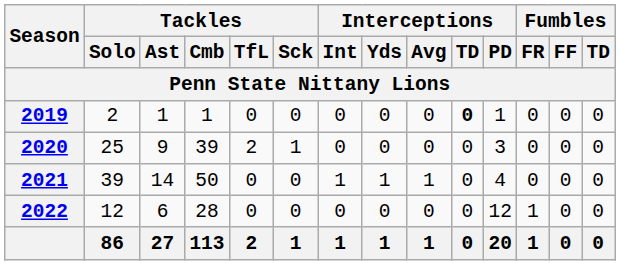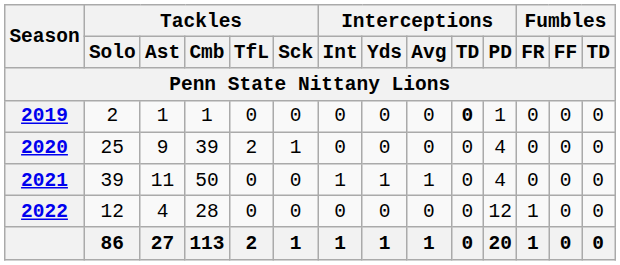 <table class="wikitable" style="text-align:center;">
 <tr>
 <th rowspan="2">Season</th>
 <th colspan="5">Tackles</th>
 <th colspan="5">Interceptions</th>
 <th colspan="3">Fumbles</th>
 </tr>
 <tr>
 <th>Solo</th>
 <th>Ast</th>
 <th>Cmb</th>
 <th>TfL</th>
 <th>Sck</th>
 <th>Int</th>
 <th>Yds</th>
 <th>Avg</th>
 <th>TD</th>
 <th>PD</th>
 <th>FR</th>
 <th>FF</th>
 <th>TD</th>
 </tr>
 <tr>
 <th colspan="16">Penn State Nittany Lions</th>
 </tr>
 <tr>
 <th><a href='#'>2019</a></th>
 <td>2</td>
 <td>1</td>
 <td>1</td>
 <td>0</td>
 <td>0</td>
 <td>0</td>
 <td>0</td>
 <td>0</td>
 <td><strong>0</strong></td>
 <td>1</td>
 <td>0</td>
 <td>0</td>
 <td>0</td>
 </tr>
 <tr>
 <th><a href='#'>2020</a></th>
 <td>25</td>
 <td>9</td>
 <td>39</td>
 <td>2</td>
 <td>1</td>
 <td>0</td>
 <td>0</td>
 <td>0</td>
 <td>0</td>
-<td>3</td>
+<td>4</td>
 <td>0</td>
 <td>0</td>
 <td>0</td>
 </tr>
 <tr>
 <th><a href='#'>2021</a></th>
 <td>39</td>
-<td>14</td>
+<td>11</td>
 <td>50</td>
 <td>0</td>
 <td>0</td>
 <td>1</td>
 <td>1</td>
 <td>1</td>
 <td>0</td>
 <td>4</td>
 <td>0</td>
 <td>0</td>
 <td>0</td>
 </tr>
 <tr>
 <th><a href='#'>2022</a></th>
 <td>12</td>
-<td>6</td>
+<td>4</td>
 <td>28</td>
 <td>0</td>
 <td>0</td>
 <td>0</td>
 <td>0</td>
 <td>0</td>
 <td>0</td>
 <td>12</td>
 <td>1</td>
 <td>0</td>
 <td>0</td>
 </tr>
 <tr>
 <th></th>
 <th>86</th>
 <th>27</th>
 <th>113</th>
 <th>2</th>
 <th>1</th>
 <th>1</th>
 <th>1</th>
 <th>1</th>
 <th>0</th>
 <th>20</th>
 <th>1</th>
 <th>0</th>
 <th>0</th>
 </tr>
 </table>
